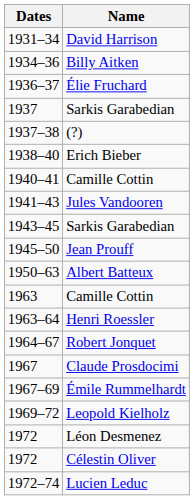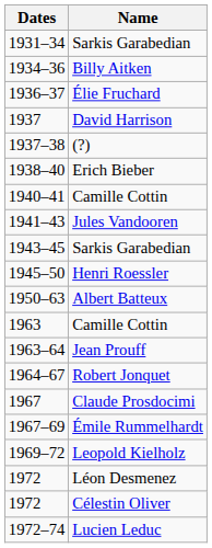 <table class="wikitable">
 <tr>
 <th>Dates</th>
 <th>Name</th>
 </tr>
 <tr>
 <td>1931–34</td>
-<td> <a href='#'>David Harrison</a></td>
+<td> Sarkis Garabedian</td>
 </tr>
 <tr>
 <td>1934–36</td>
 <td> <a href='#'>Billy Aitken</a></td>
 </tr>
 <tr>
 <td>1936–37</td>
 <td> <a href='#'>Élie Fruchard</a></td>
 </tr>
 <tr>
 <td>1937</td>
-<td> Sarkis Garabedian</td>
+<td> <a href='#'>David Harrison</a></td>
 </tr>
 <tr>
 <td>1937–38</td>
 <td> (?) </td>
 </tr>
 <tr>
 <td>1938–40</td>
 <td> Erich Bieber</td>
 </tr>
 <tr>
 <td>1940–41</td>
 <td> Camille Cottin</td>
 </tr>
 <tr>
 <td>1941–43</td>
 <td> <a href='#'>Jules Vandooren</a></td>
 </tr>
 <tr>
 <td>1943–45</td>
 <td> Sarkis Garabedian</td>
 </tr>
 <tr>
 <td>1945–50</td>
-<td> <a href='#'>Jean Prouff</a></td>
+<td> <a href='#'>Henri Roessler</a></td>
 </tr>
 <tr>
 <td>1950–63</td>
 <td> <a href='#'>Albert Batteux</a></td>
 </tr>
 <tr>
 <td>1963</td>
 <td> Camille Cottin</td>
 </tr>
 <tr>
 <td>1963–64</td>
-<td> <a href='#'>Henri Roessler</a></td>
+<td> <a href='#'>Jean Prouff</a></td>
 </tr>
 <tr>
 <td>1964–67</td>
 <td> <a href='#'>Robert Jonquet</a></td>
 </tr>
 <tr>
 <td>1967</td>
 <td> <a href='#'>Claude Prosdocimi</a></td>
 </tr>
 <tr>
 <td>1967–69</td>
 <td> <a href='#'>Émile Rummelhardt</a></td>
 </tr>
 <tr>
 <td>1969–72</td>
 <td> <a href='#'>Leopold Kielholz</a></td>
 </tr>
 <tr>
 <td>1972</td>
 <td> Léon Desmenez</td>
 </tr>
 <tr>
 <td>1972</td>
 <td> <a href='#'>Célestin Oliver</a></td>
 </tr>
 <tr>
 <td>1972–74</td>
 <td> <a href='#'>Lucien Leduc</a></td>
 </tr>
 </table>
